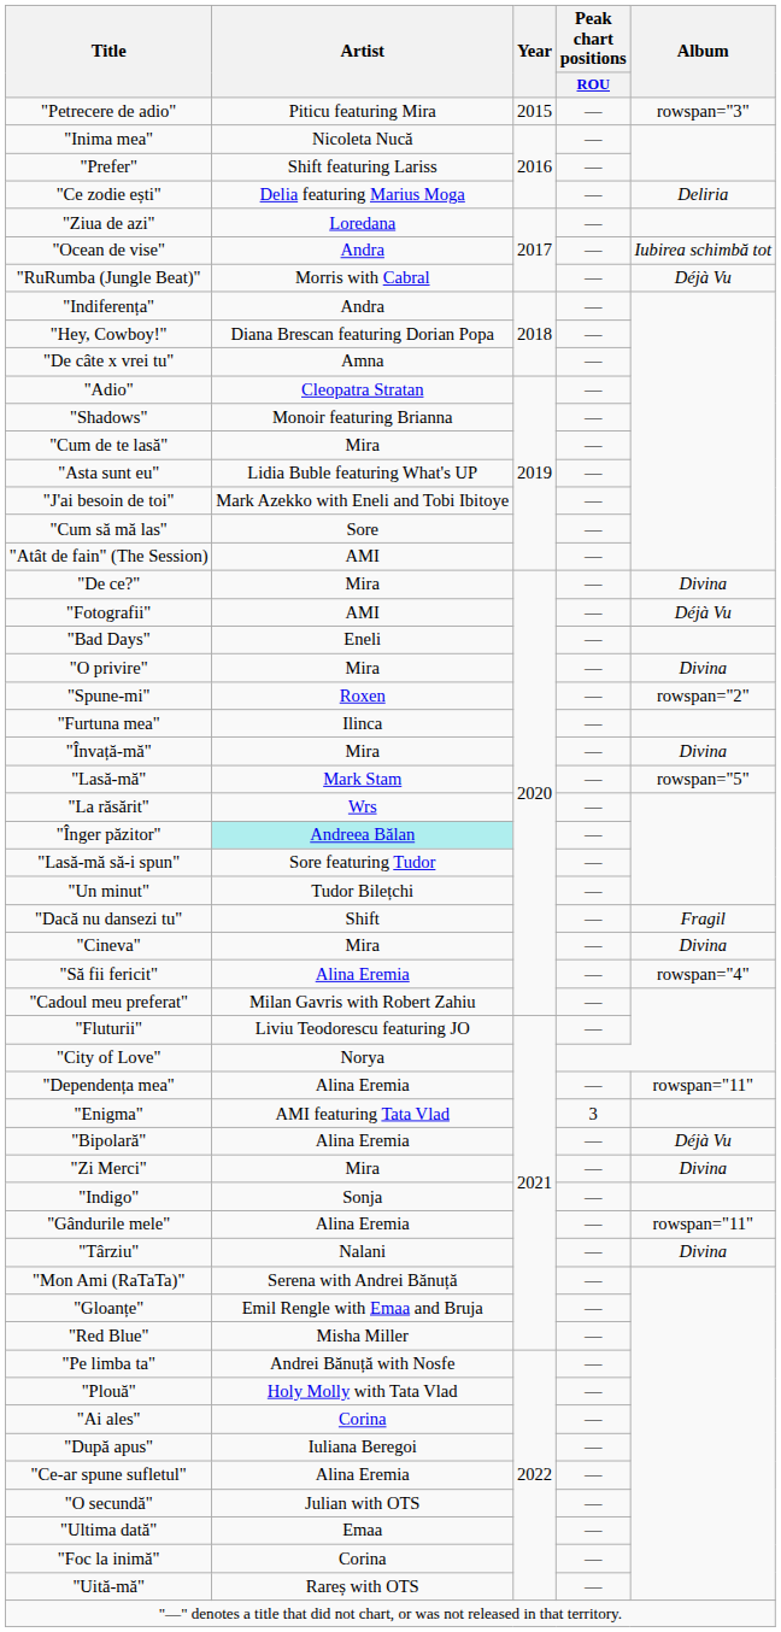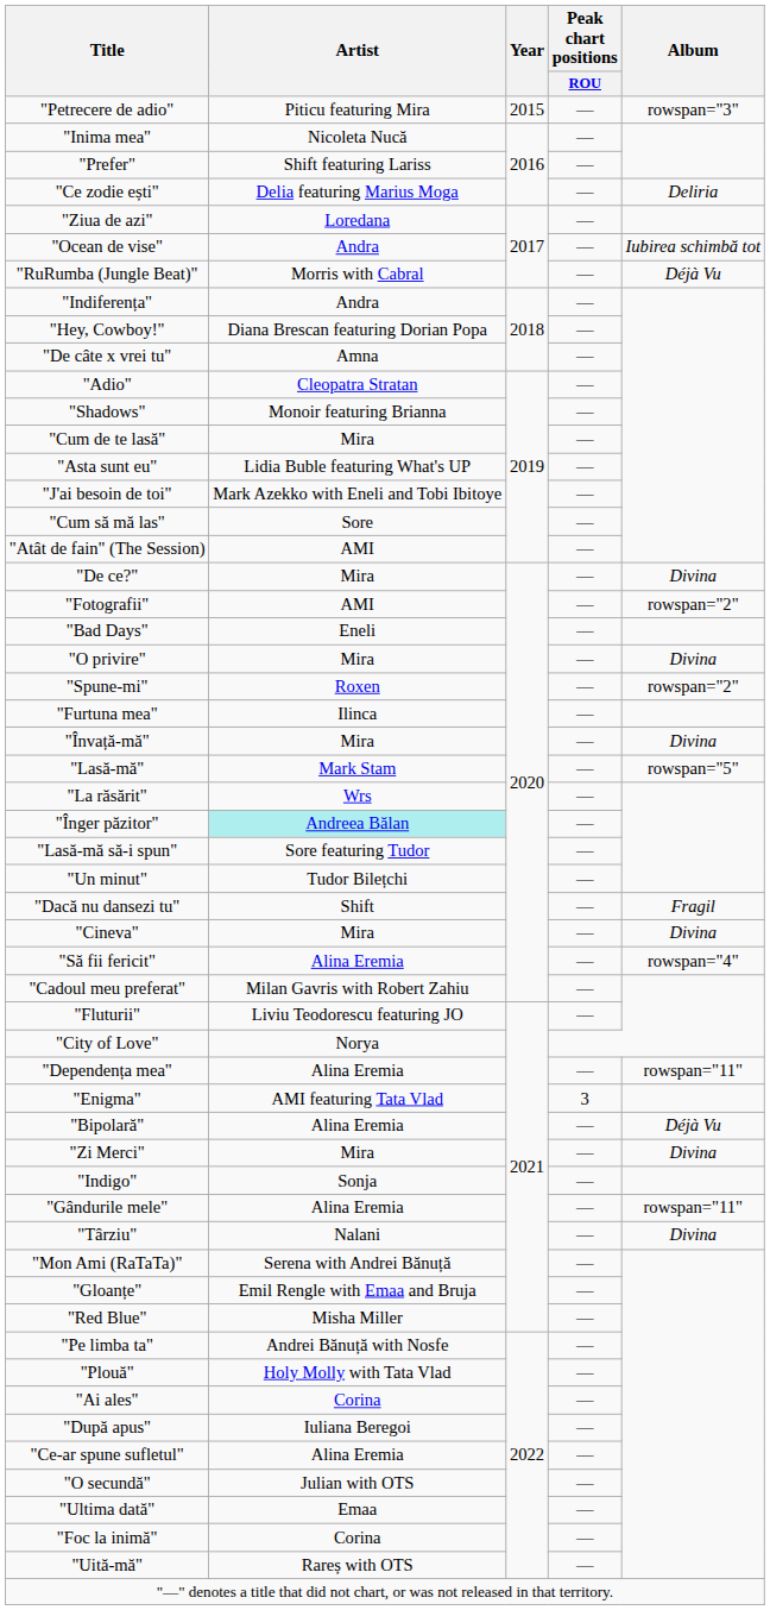 <table class="wikitable plainrowheaders unsortable" style="text-align:center">
 <tr>
 <th scope="col" rowspan="2">Title</th>
 <th scope="col" rowspan="2">Artist</th>
 <th scope="col" rowspan="2">Year</th>
 <th scope="col" colspan="1">Peak chart positions</th>
 <th scope="col" rowspan="2">Album</th>
 </tr>
 <tr>
 <th style="width:3em;font-size:85%"><a href='#'>ROU</a><br></th>
 </tr>
 <tr>
 <td>"Petrecere de adio"</td>
 <td>Piticu featuring Mira</td>
 <td>2015</td>
 <td>—</td>
 <td>rowspan="3" </td>
 </tr>
 <tr>
 <td>"Inima mea"</td>
 <td>Nicoleta Nucă</td>
 <td rowspan="3">2016</td>
 <td>—</td>
 </tr>
 <tr>
 <td>"Prefer"</td>
 <td>Shift featuring Lariss</td>
 <td>—</td>
 </tr>
 <tr>
 <td>"Ce zodie ești"</td>
 <td><a href='#'>Delia</a> featuring <a href='#'>Marius Moga</a></td>
 <td>—</td>
 <td><em>Deliria</em></td>
 </tr>
 <tr>
 <td>"Ziua de azi"</td>
 <td><a href='#'>Loredana</a></td>
 <td rowspan="3">2017</td>
 <td>—</td>
 <td></td>
 </tr>
 <tr>
 <td>"Ocean de vise"</td>
 <td><a href='#'>Andra</a></td>
 <td>—</td>
 <td><em>Iubirea schimbă tot</em></td>
 </tr>
 <tr>
 <td>"RuRumba (Jungle Beat)"</td>
 <td>Morris with <a href='#'>Cabral</a></td>
 <td>—</td>
 <td><em>Déjà Vu</em></td>
 </tr>
 <tr>
 <td>"Indiferența"</td>
 <td>Andra</td>
 <td rowspan="3">2018</td>
 <td>—</td>
 </tr>
 <tr>
 <td>"Hey, Cowboy!"</td>
 <td>Diana Brescan featuring Dorian Popa</td>
 <td>—</td>
 </tr>
 <tr>
 <td>"De câte x vrei tu"</td>
 <td>Amna</td>
 <td>—</td>
 </tr>
 <tr>
 <td>"Adio"</td>
 <td><a href='#'>Cleopatra Stratan</a></td>
 <td rowspan="7">2019</td>
 <td>—</td>
 </tr>
 <tr>
 <td>"Shadows"</td>
 <td>Monoir featuring Brianna</td>
 <td>—</td>
 </tr>
 <tr>
 <td>"Cum de te lasă"</td>
 <td>Mira</td>
 <td>—</td>
 </tr>
 <tr>
 <td>"Asta sunt eu"</td>
 <td>Lidia Buble featuring What's UP</td>
 <td>—</td>
 </tr>
 <tr>
 <td>"J'ai besoin de toi"</td>
 <td>Mark Azekko with Eneli and Tobi Ibitoye</td>
 <td>—</td>
 </tr>
 <tr>
 <td>"Cum să mă las"</td>
 <td>Sore</td>
 <td>—</td>
 </tr>
 <tr>
 <td>"Atât de fain" (The Session)</td>
 <td>AMI</td>
 <td>—</td>
 </tr>
 <tr>
 <td>"De ce?"</td>
 <td>Mira</td>
 <td rowspan="16">2020</td>
 <td>—</td>
 <td><em>Divina</em></td>
 </tr>
 <tr>
 <td>"Fotografii"</td>
 <td>AMI</td>
 <td>—</td>
-<td><em>Déjà Vu</em></td>
+<td>rowspan="2" </td>
 </tr>
 <tr>
 <td>"Bad Days"</td>
 <td>Eneli</td>
 <td>—</td>
 </tr>
 <tr>
 <td>"O privire"</td>
 <td>Mira</td>
 <td>—</td>
 <td><em>Divina</em></td>
 </tr>
 <tr>
 <td>"Spune-mi"</td>
 <td><a href='#'>Roxen</a></td>
 <td>—</td>
 <td>rowspan="2" </td>
 </tr>
 <tr>
 <td>"Furtuna mea"</td>
 <td>Ilinca</td>
 <td>—</td>
 </tr>
 <tr>
 <td>"Învață-mă"</td>
 <td>Mira</td>
 <td>—</td>
 <td><em>Divina</em></td>
 </tr>
 <tr>
 <td>"Lasă-mă"</td>
 <td><a href='#'>Mark Stam</a></td>
 <td>—</td>
 <td>rowspan="5" </td>
 </tr>
 <tr>
 <td>"La răsărit"</td>
 <td><a href='#'>Wrs</a></td>
 <td>—</td>
 </tr>
 <tr>
 <td>"Înger păzitor"</td>
 <td style="background: paleturquoise;"><a href='#'>Andreea Bălan</a></td>
 <td>—</td>
 </tr>
 <tr>
 <td>"Lasă-mă să-i spun"</td>
 <td>Sore featuring <a href='#'>Tudor</a></td>
 <td>—</td>
 </tr>
 <tr>
 <td>"Un minut"</td>
 <td>Tudor Bilețchi</td>
 <td>—</td>
 </tr>
 <tr>
 <td>"Dacă nu dansezi tu"</td>
 <td>Shift</td>
 <td>—</td>
 <td><em>Fragil</em></td>
 </tr>
 <tr>
 <td>"Cineva"</td>
 <td>Mira</td>
 <td>—</td>
 <td><em>Divina</em></td>
 </tr>
 <tr>
 <td>"Să fii fericit"</td>
 <td><a href='#'>Alina Eremia</a></td>
 <td>—</td>
 <td>rowspan="4" </td>
 </tr>
 <tr>
 <td>"Cadoul meu preferat"</td>
 <td>Milan Gavris with Robert Zahiu</td>
 <td>—</td>
 </tr>
 <tr>
 <td>"Fluturii"</td>
 <td>Liviu Teodorescu featuring JO</td>
 <td rowspan="12">2021</td>
 <td>—</td>
 </tr>
 <tr>
 <td>"City of Love"</td>
 <td>Norya</td>
 </tr>
 <tr>
 <td>"Dependența mea"</td>
 <td>Alina Eremia</td>
 <td>—</td>
 <td>rowspan="11" </td>
 </tr>
 <tr>
 <td>"Enigma"</td>
 <td>AMI featuring <a href='#'>Tata Vlad</a></td>
 <td>3</td>
 <td></td>
 </tr>
 <tr>
 <td>"Bipolară"</td>
 <td>Alina Eremia</td>
 <td>—</td>
 <td><em>Déjà Vu</em></td>
 </tr>
 <tr>
 <td>"Zi Merci"</td>
 <td>Mira</td>
 <td>—</td>
 <td><em>Divina</em></td>
 </tr>
 <tr>
 <td>"Indigo"</td>
 <td>Sonja</td>
 <td>—</td>
 <td></td>
 </tr>
 <tr>
 <td>"Gândurile mele"</td>
 <td>Alina Eremia</td>
 <td>—</td>
 <td>rowspan="11" </td>
 </tr>
 <tr>
 <td>"Târziu"</td>
 <td>Nalani</td>
 <td>—</td>
 <td><em>Divina</em></td>
 </tr>
 <tr>
 <td>"Mon Ami (RaTaTa)"</td>
 <td>Serena with Andrei Bănuță</td>
 <td>—</td>
 </tr>
 <tr>
 <td>"Gloanțe"</td>
 <td>Emil Rengle with <a href='#'>Emaa</a> and Bruja</td>
 <td>—</td>
 </tr>
 <tr>
 <td>"Red Blue"</td>
 <td>Misha Miller</td>
 <td>—</td>
 </tr>
 <tr>
 <td>"Pe limba ta"</td>
 <td>Andrei Bănuță with Nosfe</td>
 <td rowspan="9">2022</td>
 <td>—</td>
 </tr>
 <tr>
 <td>"Plouă"</td>
 <td><a href='#'>Holy Molly</a> with Tata Vlad</td>
 <td>—</td>
 </tr>
 <tr>
 <td>"Ai ales"</td>
 <td><a href='#'>Corina</a></td>
 <td>—</td>
 </tr>
 <tr>
 <td>"După apus"</td>
 <td>Iuliana Beregoi</td>
 <td>—</td>
 </tr>
 <tr>
 <td>"Ce-ar spune sufletul"</td>
 <td>Alina Eremia</td>
 <td>—</td>
 </tr>
 <tr>
 <td>"O secundă"</td>
 <td>Julian with OTS</td>
 <td>—</td>
 </tr>
 <tr>
 <td>"Ultima dată"</td>
 <td>Emaa</td>
 <td>—</td>
 </tr>
 <tr>
 <td>"Foc la inimă"</td>
 <td>Corina</td>
 <td>—</td>
 </tr>
 <tr>
 <td>"Uită-mă"</td>
 <td>Rareș with OTS</td>
 <td>—</td>
 </tr>
 <tr>
 <td colspan="12" style="font-size:90%">"—" denotes a title that did not chart, or was not released in that territory.</td>
 </tr>
 </table>
